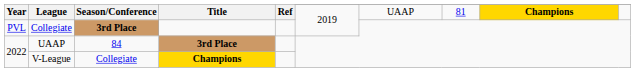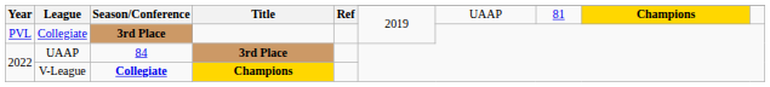 <table class="wikitable sortable" style="text-align:center" width="80%">
 <tr>
 <th style="width:5px;" rowspan="2">Year</th>
 <th style="width:25px;" rowspan="2">League</th>
 <th style="width:100px;" rowspan="2">Season/Conference</th>
 <th style="width:180px;" rowspan="2">Title</th>
 <th style="width:25px;" rowspan="2">Ref</th>
 </tr>
 <tr align=center>
 <td rowspan="2">2019</td>
 <td>UAAP</td>
 <td><a href='#'>81</a></td>
 <td style="background:gold"><strong>Champions</strong></td>
 <td></td>
 </tr>
 <tr align=center>
 <td><a href='#'>PVL</a></td>
 <td><a href='#'>Collegiate</a></td>
 <td style="background:#c96;"><strong>3rd Place</strong></td>
 <td></td>
 </tr>
 <tr>
 <td rowspan=2>2022</td>
 <td>UAAP</td>
 <td><a href='#'>84</a></td>
 <td style="background:#c96;"><strong>3rd Place</strong></td>
 <td></td>
 </tr>
 <tr align=center>
 <td>V-League</td>
-<td><a href='#'>Collegiate</a></td>
+<td><strong><a href='#'>Collegiate</a></strong></td>
 <td style="background:gold"><strong>Champions</strong></td>
 <td></td>
 </tr>
 </table>
